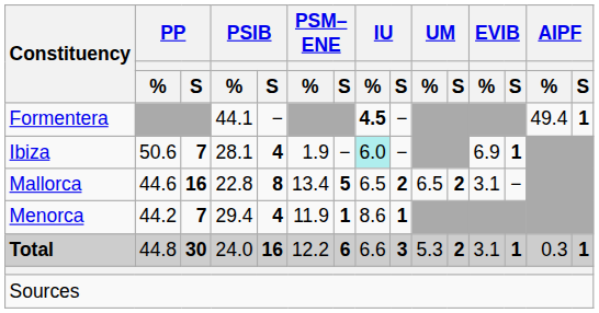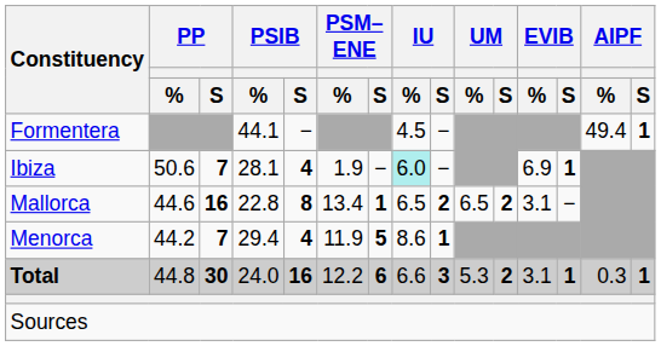 <table class="wikitable sortable" style="text-align:right; line-height:20px;">
 <tr>
 <th rowspan="3">Constituency</th>
 <th colspan="2" width="30px" class="unsortable"><a href='#'>PP</a></th>
 <th colspan="2" width="30px" class="unsortable"><a href='#'>PSIB</a></th>
 <th colspan="2" width="30px" class="unsortable"><a href='#'>PSM–ENE</a></th>
 <th colspan="2" width="30px" class="unsortable"><a href='#'>IU</a></th>
 <th colspan="2" width="30px" class="unsortable"><a href='#'>UM</a></th>
 <th colspan="2" width="30px" class="unsortable"><a href='#'>EVIB</a></th>
 <th colspan="2" width="30px" class="unsortable"><a href='#'>AIPF</a></th>
 </tr>
 <tr>
 <th colspan="2" style="background:"></th>
 <th colspan="2" style="background:"></th>
 <th colspan="2" style="background:"></th>
 <th colspan="2" style="background:"></th>
 <th colspan="2" style="background:"></th>
 <th colspan="2" style="background:"></th>
 <th colspan="2" style="background:"></th>
 </tr>
 <tr>
 <th data-sort-type="number">%</th>
 <th data-sort-type="number">S</th>
 <th data-sort-type="number">%</th>
 <th data-sort-type="number">S</th>
 <th data-sort-type="number">%</th>
 <th data-sort-type="number">S</th>
 <th data-sort-type="number">%</th>
 <th data-sort-type="number">S</th>
 <th data-sort-type="number">%</th>
 <th data-sort-type="number">S</th>
 <th data-sort-type="number">%</th>
 <th data-sort-type="number">S</th>
 <th data-sort-type="number">%</th>
 <th data-sort-type="number">S</th>
 </tr>
 <tr>
 <td align="left"><a href='#'>Formentera</a></td>
 <td colspan="2" bgcolor="#AAAAAA"></td>
 <td>44.1</td>
 <td>−</td>
 <td colspan="2" bgcolor="#AAAAAA"></td>
-<td><strong>4.5</strong></td>
+<td>4.5</td>
 <td>−</td>
 <td colspan="2" rowspan="2" bgcolor="#AAAAAA"></td>
 <td colspan="2" bgcolor="#AAAAAA"></td>
 <td style="background:">49.4</td>
 <td><strong>1</strong></td>
 </tr>
 <tr>
 <td align="left"><a href='#'>Ibiza</a></td>
 <td style="background:">50.6</td>
 <td><strong>7</strong></td>
 <td>28.1</td>
 <td><strong>4</strong></td>
 <td>1.9</td>
 <td>−</td>
 <td style="background: paleturquoise;">6.0</td>
 <td>−</td>
 <td>6.9</td>
 <td><strong>1</strong></td>
 <td colspan="2" rowspan="3" bgcolor="#AAAAAA"></td>
 </tr>
 <tr>
 <td align="left"><a href='#'>Mallorca</a></td>
 <td style="background:">44.6</td>
 <td><strong>16</strong></td>
 <td>22.8</td>
 <td><strong>8</strong></td>
 <td>13.4</td>
-<td><strong>5</strong></td>
+<td><strong>1</strong></td>
 <td>6.5</td>
 <td><strong>2</strong></td>
 <td>6.5</td>
 <td><strong>2</strong></td>
 <td>3.1</td>
 <td>−</td>
 </tr>
 <tr>
 <td align="left"><a href='#'>Menorca</a></td>
 <td style="background:">44.2</td>
 <td><strong>7</strong></td>
 <td>29.4</td>
 <td><strong>4</strong></td>
 <td>11.9</td>
-<td><strong>1</strong></td>
+<td><strong>5</strong></td>
 <td>8.6</td>
 <td><strong>1</strong></td>
 <td colspan="2" bgcolor="#AAAAAA"></td>
 <td colspan="2" bgcolor="#AAAAAA"></td>
 </tr>
 <tr style="background:#CDCDCD;">
 <td align="left"><strong>Total</strong></td>
 <td style="background:">44.8</td>
 <td><strong>30</strong></td>
 <td>24.0</td>
 <td><strong>16</strong></td>
 <td>12.2</td>
 <td><strong>6</strong></td>
 <td>6.6</td>
 <td><strong>3</strong></td>
 <td>5.3</td>
 <td><strong>2</strong></td>
 <td>3.1</td>
 <td><strong>1</strong></td>
 <td>0.3</td>
 <td><strong>1</strong></td>
 </tr>
 <tr>
 <th colspan="15"></th>
 </tr>
 <tr>
 <th style="text-align:left; font-weight:normal; background:#F9F9F9" colspan="15">Sources</th>
 </tr>
 </table>
